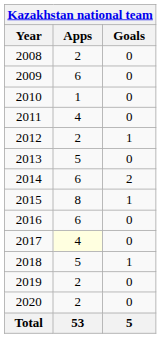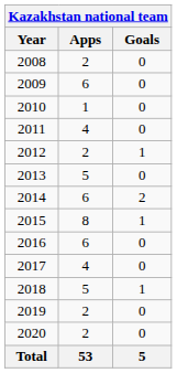 <table class=wikitable style="text-align: center;">
 <tr>
 <th colspan=3><a href='#'>Kazakhstan national team</a></th>
 </tr>
 <tr>
 <th>Year</th>
 <th>Apps</th>
 <th>Goals</th>
 </tr>
 <tr>
 <td>2008</td>
 <td>2</td>
 <td>0</td>
 </tr>
 <tr>
 <td>2009</td>
 <td>6</td>
 <td>0</td>
 </tr>
 <tr>
 <td>2010</td>
 <td>1</td>
 <td>0</td>
 </tr>
 <tr>
 <td>2011</td>
 <td>4</td>
 <td>0</td>
 </tr>
 <tr>
 <td>2012</td>
 <td>2</td>
 <td>1</td>
 </tr>
 <tr>
 <td>2013</td>
 <td>5</td>
 <td>0</td>
 </tr>
 <tr>
 <td>2014</td>
 <td>6</td>
 <td>2</td>
 </tr>
 <tr>
 <td>2015</td>
 <td>8</td>
 <td>1</td>
 </tr>
 <tr>
 <td>2016</td>
 <td>6</td>
 <td>0</td>
 </tr>
 <tr>
 <td>2017</td>
-<td style="background: lightyellow;">4</td>
+<td>4</td>
 <td>0</td>
 </tr>
 <tr>
 <td>2018</td>
 <td>5</td>
 <td>1</td>
 </tr>
 <tr>
 <td>2019</td>
 <td>2</td>
 <td>0</td>
 </tr>
 <tr>
 <td>2020</td>
 <td>2</td>
 <td>0</td>
 </tr>
 <tr>
 <th>Total</th>
 <th>53</th>
 <th>5</th>
 </tr>
 </table>
